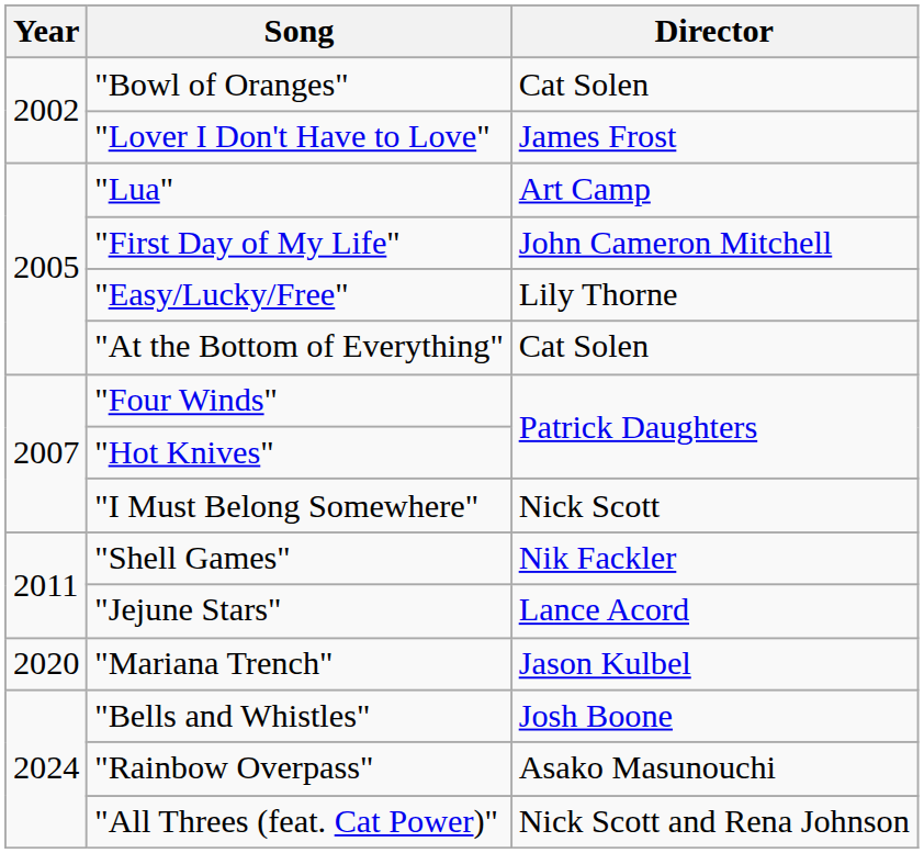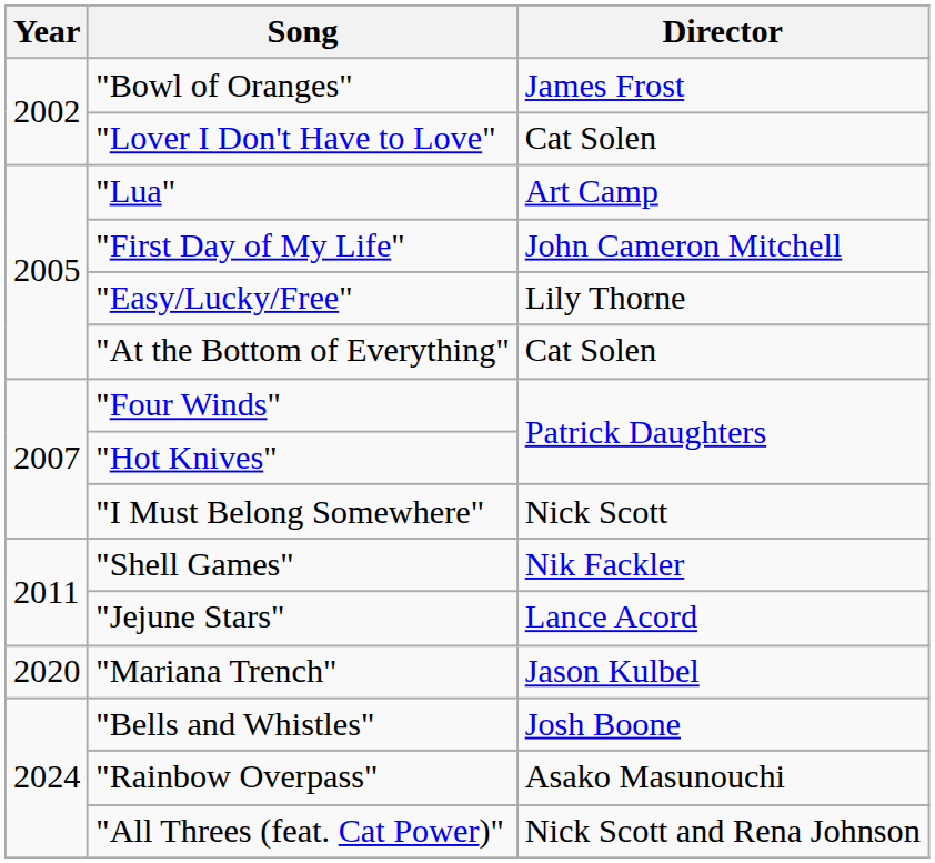 <table class="wikitable">
 <tr>
 <th>Year</th>
 <th>Song</th>
 <th>Director</th>
 </tr>
 <tr>
 <td rowspan="2">2002</td>
 <td>"Bowl of Oranges"</td>
-<td>Cat Solen</td>
+<td><a href='#'>James Frost</a></td>
 </tr>
 <tr>
 <td>"<a href='#'>Lover I Don't Have to Love</a>"</td>
-<td><a href='#'>James Frost</a></td>
+<td>Cat Solen</td>
 </tr>
 <tr>
 <td rowspan="4">2005</td>
 <td>"<a href='#'>Lua</a>"</td>
 <td><a href='#'>Art Camp</a></td>
 </tr>
 <tr>
 <td>"<a href='#'>First Day of My Life</a>"</td>
 <td><a href='#'>John Cameron Mitchell</a></td>
 </tr>
 <tr>
 <td>"<a href='#'>Easy/Lucky/Free</a>"</td>
 <td>Lily Thorne</td>
 </tr>
 <tr>
 <td>"At the Bottom of Everything"</td>
 <td>Cat Solen</td>
 </tr>
 <tr>
 <td rowspan="3">2007</td>
 <td>"<a href='#'>Four Winds</a>"</td>
 <td rowspan="2"><a href='#'>Patrick Daughters</a></td>
 </tr>
 <tr>
 <td>"<a href='#'>Hot Knives</a>"</td>
 </tr>
 <tr>
 <td>"I Must Belong Somewhere"</td>
 <td>Nick Scott</td>
 </tr>
 <tr>
 <td rowspan="2">2011</td>
 <td>"Shell Games"</td>
 <td><a href='#'>Nik Fackler</a></td>
 </tr>
 <tr>
 <td>"Jejune Stars"</td>
 <td><a href='#'>Lance Acord</a></td>
 </tr>
 <tr>
 <td rowspan="1">2020</td>
 <td>"Mariana Trench"</td>
 <td><a href='#'>Jason Kulbel</a></td>
 </tr>
 <tr>
 <td rowspan="3">2024</td>
 <td>"Bells and Whistles"</td>
 <td><a href='#'>Josh Boone</a></td>
 </tr>
 <tr>
 <td>"Rainbow Overpass"</td>
 <td>Asako Masunouchi</td>
 </tr>
 <tr>
 <td>"All Threes (feat. <a href='#'>Cat Power</a>)"</td>
 <td>Nick Scott and Rena Johnson</td>
 </tr>
 </table>
